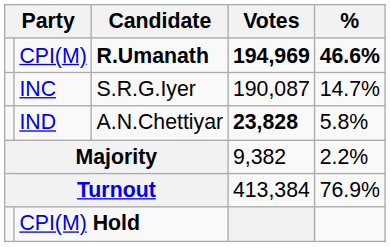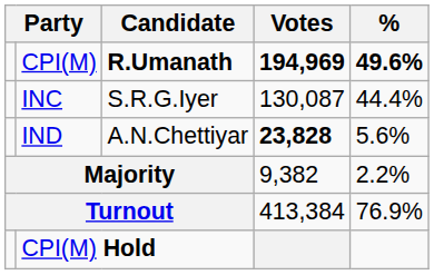 <table class="wikitable">
 <tr>
 <th colspan="2">Party</th>
 <th>Candidate</th>
 <th>Votes</th>
 <th>%</th>
 </tr>
 <tr>
 <td></td>
 <td><a href='#'>CPI(M)</a></td>
 <td><strong>R.Umanath</strong></td>
 <td><strong>194,969</strong></td>
-<td><strong>46.6%</strong></td>
+<td><strong>49.6%</strong></td>
 </tr>
 <tr>
 <td></td>
 <td><a href='#'>INC</a></td>
 <td>S.R.G.Iyer</td>
-<td>190,087</td>
-<td>14.7%</td>
+<td>130,087</td>
+<td>44.4%</td>
 </tr>
 <tr>
 <td></td>
 <td><a href='#'>IND</a></td>
 <td>A.N.Chettiyar</td>
 <td><strong>23,828</strong></td>
-<td>5.8%</td>
+<td>5.6%</td>
 </tr>
 <tr>
 <th colspan="3">Majority</th>
 <td>9,382</td>
 <td>2.2%</td>
 </tr>
 <tr>
 <th colspan="3"><a href='#'>Turnout</a></th>
 <td>413,384</td>
 <td>76.9%</td>
 </tr>
 <tr>
 <td></td>
 <td colspan="2"><a href='#'>CPI(M)</a> <strong>Hold</strong></td>
 <th></th>
 <td></td>
 </tr>
 </table>
